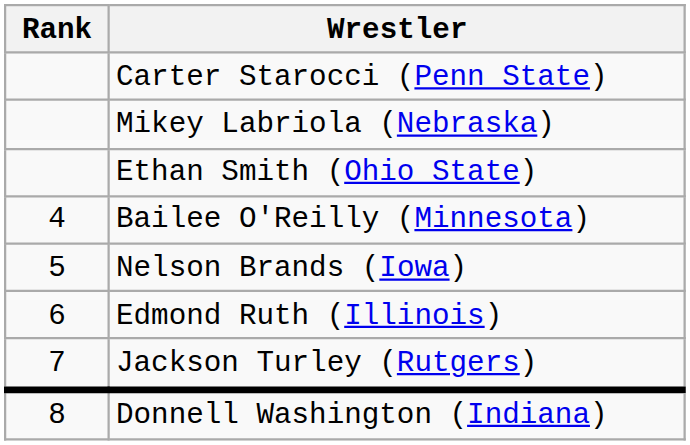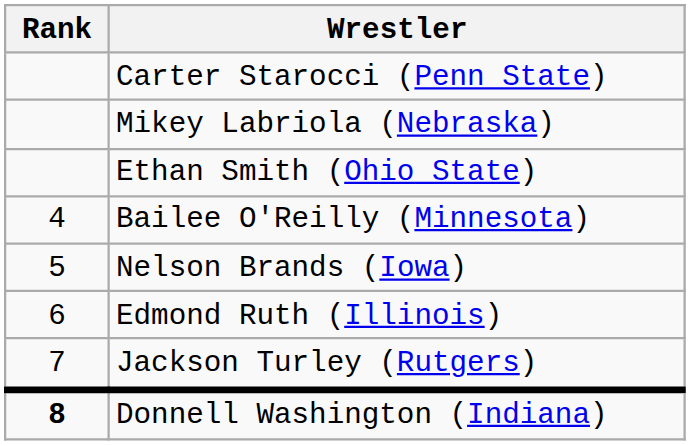 <table class="wikitable" style="text-align: center;">
 <tr>
 <th width="40">Rank</th>
 <th width="250">Wrestler</th>
 </tr>
 <tr>
 <td></td>
 <td align="left">Carter Starocci (<a href='#'>Penn State</a>)</td>
 </tr>
 <tr>
 <td></td>
 <td align="left">Mikey Labriola (<a href='#'>Nebraska</a>)</td>
 </tr>
 <tr>
 <td></td>
 <td align="left">Ethan Smith (<a href='#'>Ohio State</a>)</td>
 </tr>
 <tr>
 <td>4</td>
 <td align="left">Bailee O'Reilly (<a href='#'>Minnesota</a>)</td>
 </tr>
 <tr>
 <td>5</td>
 <td align="left">Nelson Brands (<a href='#'>Iowa</a>)</td>
 </tr>
 <tr>
 <td>6</td>
 <td align="left">Edmond Ruth (<a href='#'>Illinois</a>)</td>
 </tr>
 <tr>
 <td>7</td>
 <td align="left">Jackson Turley (<a href='#'>Rutgers</a>)</td>
 </tr>
 <tr style="border-top:3px solid black">
-<td>8</td>
+<td><strong>8</strong></td>
 <td align="left">Donnell Washington (<a href='#'>Indiana</a>)</td>
 </tr>
 </table>
